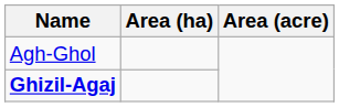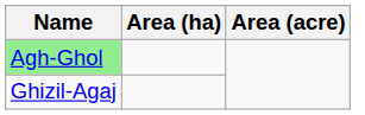 <table class="wikitable">
 <tr>
 <th scope="col" align=left>Name</th>
 <th scope="col">Area (ha)</th>
 <th scope="col">Area (acre)</th>
 </tr>
 <tr ---->
-<td><a href='#'>Agh-Ghol</a></td>
+<td style="background: lightgreen;"><a href='#'>Agh-Ghol</a></td>
 <td></td>
 </tr>
 <tr ---->
-<td><strong><a href='#'>Ghizil-Agaj</a></strong></td>
+<td><a href='#'>Ghizil-Agaj</a></td>
 <td></td>
 </tr>
 </table>
